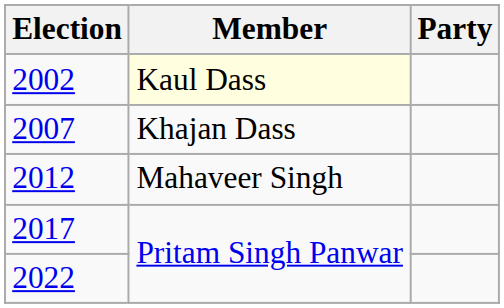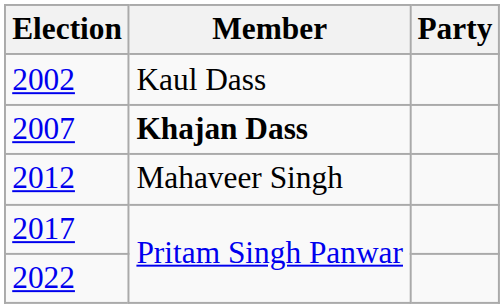 <table class="wikitable sortable">
 <tr>
 <th>Election</th>
 <th>Member</th>
 <th colspan=2>Party</th>
 </tr>
 <tr>
 <td><a href='#'>2002</a></td>
-<td style="background: lightyellow;">Kaul Dass</td>
+<td>Kaul Dass</td>
 <td></td>
 </tr>
 <tr>
 <td><a href='#'>2007</a></td>
-<td>Khajan Dass</td>
+<td><strong>Khajan Dass</strong></td>
 <td></td>
 </tr>
 <tr>
 <td><a href='#'>2012</a></td>
 <td>Mahaveer Singh</td>
 </tr>
 <tr>
 <td><a href='#'>2017</a></td>
 <td rowspan=2><a href='#'>Pritam Singh Panwar</a></td>
 <td></td>
 </tr>
 <tr>
 <td><a href='#'>2022</a></td>
 <td></td>
 </tr>
 </table>
